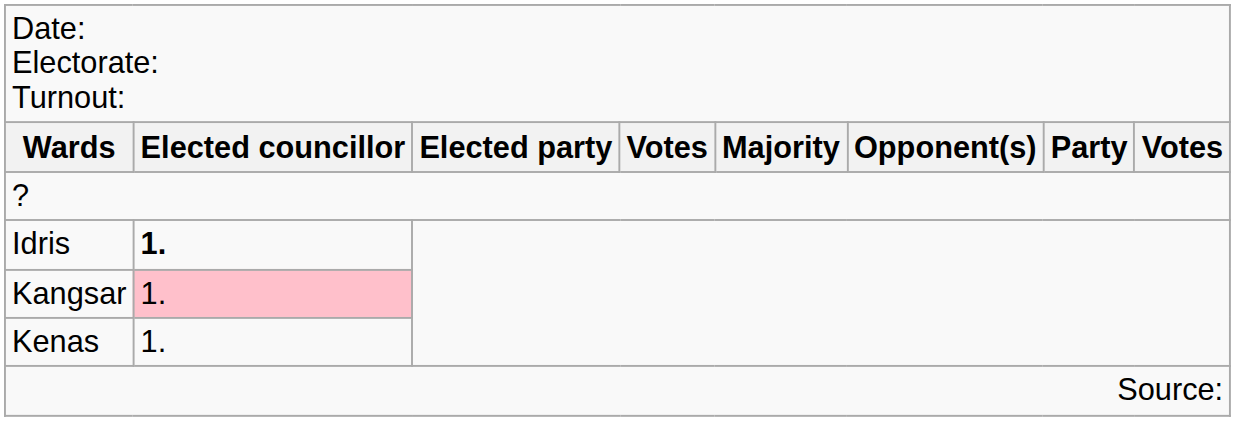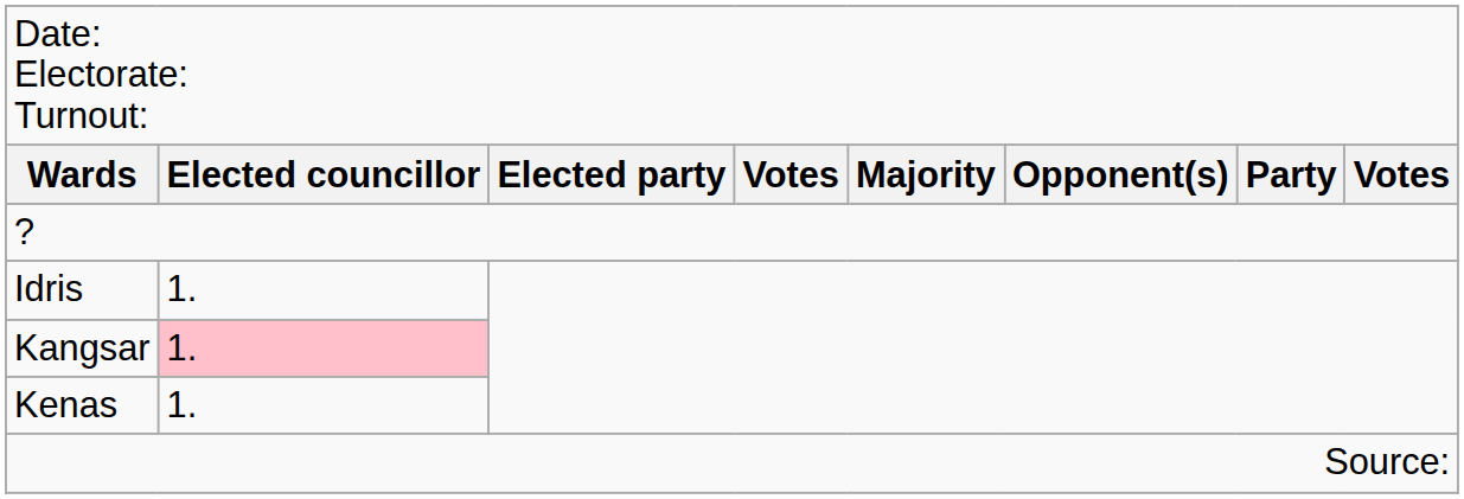 <table class=wikitable>
 <tr>
 <td colspan=8>Date: <br>Electorate: <br>Turnout:</td>
 </tr>
 <tr>
 <th>Wards</th>
 <th>Elected councillor</th>
 <th>Elected party</th>
 <th>Votes</th>
 <th>Majority</th>
 <th>Opponent(s)</th>
 <th>Party</th>
 <th>Votes</th>
 </tr>
 <tr>
 <td colspan=8>? </td>
 </tr>
 <tr>
 <td>Idris</td>
-<td><strong>1.</strong></td>
+<td>1.</td>
 </tr>
 <tr>
 <td>Kangsar</td>
 <td style="background: pink;">1.</td>
 </tr>
 <tr>
 <td>Kenas</td>
 <td>1.</td>
 </tr>
 <tr>
 <td colspan=8 align=right>Source:</td>
 </tr>
 </table>
